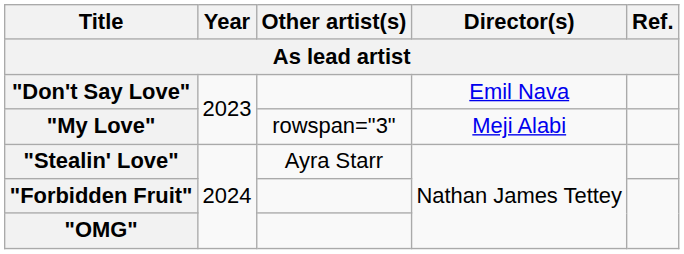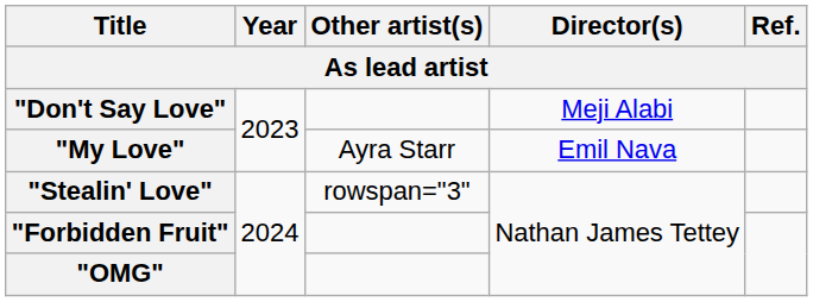 <table class="wikitable plainrowheaders" style="text-align:center;">
 <tr>
 <th scope="col">Title</th>
 <th scope="col">Year</th>
 <th scope="col">Other artist(s)</th>
 <th scope="col">Director(s)</th>
 <th scope="col">Ref.</th>
 </tr>
 <tr>
 <th colspan="5">As lead artist</th>
 </tr>
 <tr>
 <th scope="row">"Don't Say Love"</th>
 <td rowspan="2">2023</td>
 <td></td>
-<td><a href='#'>Emil Nava</a></td>
+<td><a href='#'>Meji Alabi</a></td>
 <td></td>
 </tr>
 <tr>
 <th scope="row">"My Love"</th>
-<td>rowspan="3" </td>
-<td><a href='#'>Meji Alabi</a></td>
+<td>Ayra Starr</td>
+<td><a href='#'>Emil Nava</a></td>
 <td></td>
 </tr>
 <tr>
 <th scope="row">"Stealin' Love"</th>
 <td rowspan="3">2024</td>
-<td>Ayra Starr</td>
+<td>rowspan="3" </td>
 <td rowspan="3">Nathan James Tettey</td>
 <td></td>
 </tr>
 <tr>
 <th scope="row">"Forbidden Fruit"</th>
 <td></td>
 </tr>
 <tr>
 <th scope="row">"OMG"</th>
 <td></td>
 </tr>
 </table>
